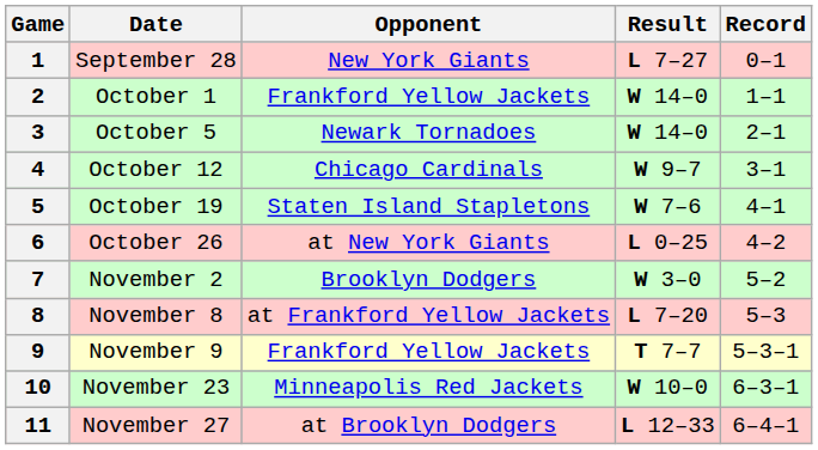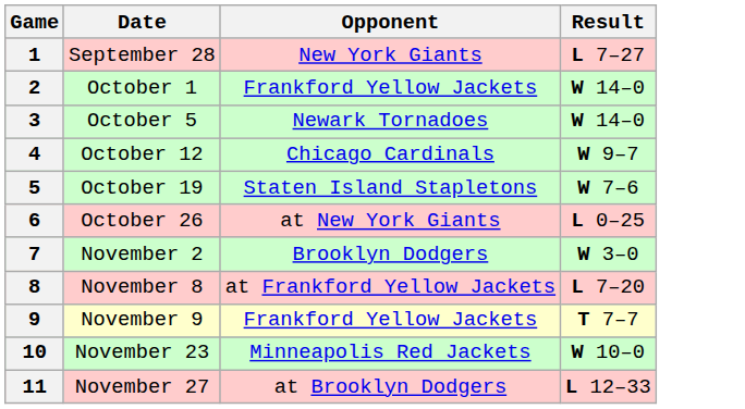 <table class="wikitable" style="text-align:center">
 <tr>
 <th>Game</th>
 <th>Date</th>
 <th>Opponent</th>
 <th>Result</th>
-<th>Record</th>
 </tr>
 <tr style="background:#fcc">
 <th>1</th>
 <td>September 28</td>
 <td><a href='#'>New York Giants</a></td>
 <td><strong>L</strong> 7–27</td>
-<td>0–1</td>
 </tr>
 <tr style="background:#cfc">
 <th>2</th>
 <td>October 1</td>
 <td><a href='#'>Frankford Yellow Jackets</a></td>
 <td><strong>W</strong> 14–0</td>
-<td>1–1</td>
 </tr>
 <tr style="background:#cfc">
 <th>3</th>
 <td>October 5</td>
 <td><a href='#'>Newark Tornadoes</a></td>
 <td><strong>W</strong> 14–0</td>
-<td>2–1</td>
 </tr>
 <tr style="background:#cfc">
 <th>4</th>
 <td>October 12</td>
 <td><a href='#'>Chicago Cardinals</a></td>
 <td><strong>W</strong> 9–7</td>
-<td>3–1</td>
 </tr>
 <tr style="background:#cfc">
 <th>5</th>
 <td>October 19</td>
 <td><a href='#'>Staten Island Stapletons</a></td>
 <td><strong>W</strong> 7–6</td>
-<td>4–1</td>
 </tr>
 <tr style="background:#fcc">
 <th>6</th>
 <td>October 26</td>
 <td>at <a href='#'>New York Giants</a></td>
 <td><strong>L</strong> 0–25</td>
-<td>4–2</td>
 </tr>
 <tr style="background:#cfc">
 <th>7</th>
 <td>November 2</td>
 <td><a href='#'>Brooklyn Dodgers</a></td>
 <td><strong>W</strong> 3–0</td>
-<td>5–2</td>
 </tr>
 <tr style="background:#fcc">
 <th>8</th>
 <td>November 8</td>
 <td>at <a href='#'>Frankford Yellow Jackets</a></td>
 <td><strong>L</strong> 7–20</td>
-<td>5–3</td>
 </tr>
 <tr style="background:#ffc">
 <th>9</th>
 <td>November 9</td>
 <td><a href='#'>Frankford Yellow Jackets</a></td>
 <td><strong>T</strong> 7–7</td>
-<td>5–3–1</td>
 </tr>
 <tr style="background:#cfc">
 <th>10</th>
 <td>November 23</td>
 <td><a href='#'>Minneapolis Red Jackets</a></td>
 <td><strong>W</strong> 10–0</td>
-<td>6–3–1</td>
 </tr>
 <tr style="background:#fcc">
 <th>11</th>
 <td>November 27</td>
 <td>at <a href='#'>Brooklyn Dodgers</a></td>
 <td><strong>L</strong> 12–33</td>
-<td>6–4–1</td>
 </tr>
 </table>
